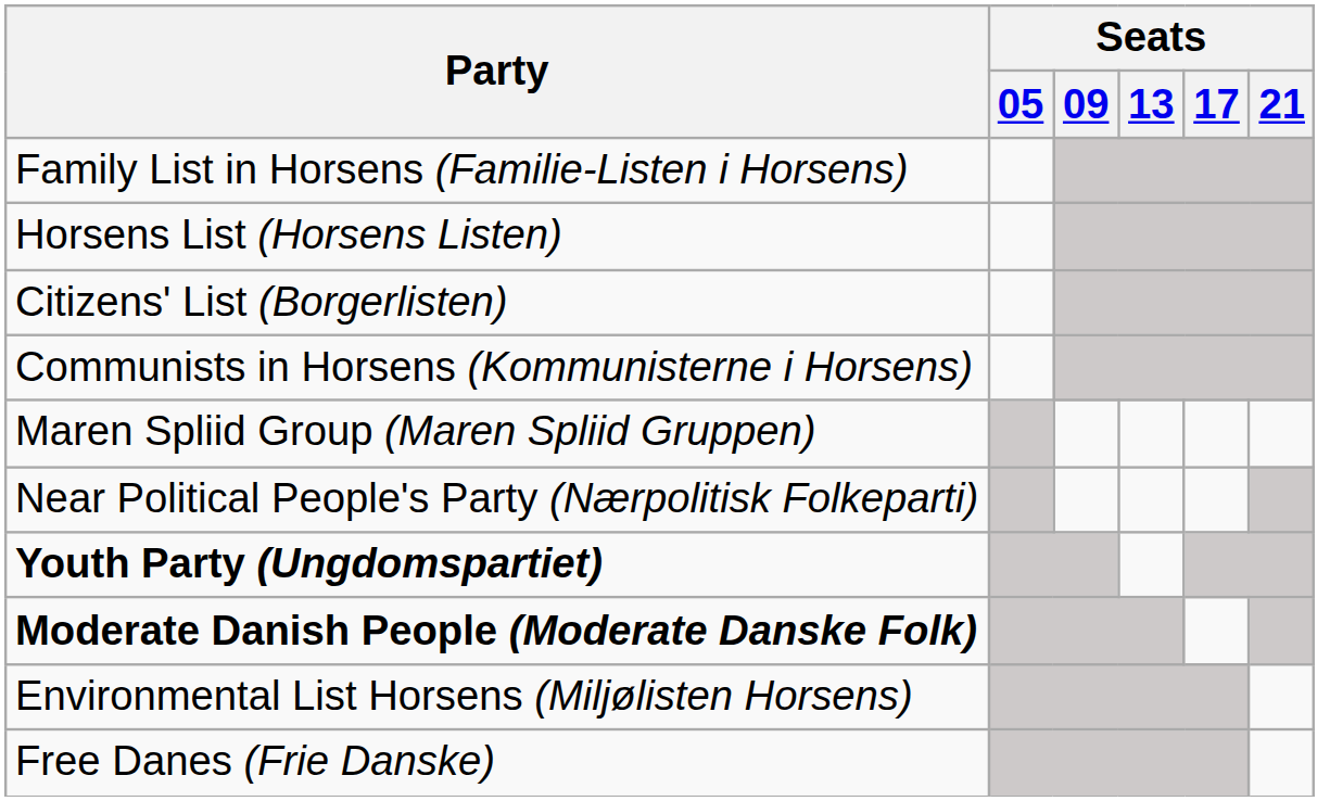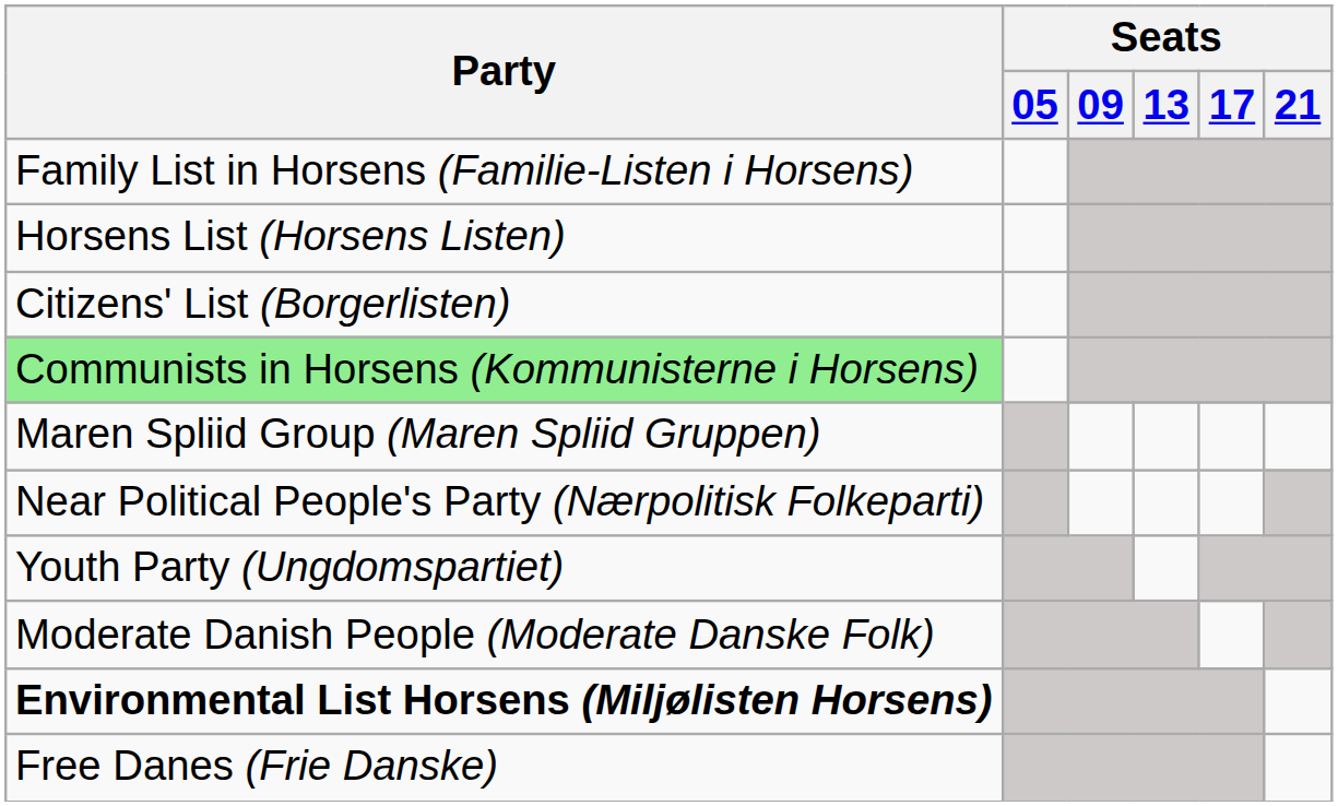 <table class="wikitable">
 <tr>
 <th rowspan=2>Party</th>
 <th colspan=11>Seats</th>
 </tr>
 <tr>
 <th><a href='#'>05</a></th>
 <th><a href='#'>09</a></th>
 <th><a href='#'>13</a></th>
 <th><a href='#'>17</a></th>
 <th><a href='#'>21</a></th>
 </tr>
 <tr>
 <td>Family List in Horsens <em>(Familie-Listen i Horsens)</em></td>
 <td></td>
 <td style="background:#CDC9C9;" colspan=4></td>
 </tr>
 <tr>
 <td>Horsens List <em>(Horsens Listen)</em></td>
 <td></td>
 <td style="background:#CDC9C9;" colspan=4></td>
 </tr>
 <tr>
 <td>Citizens' List <em>(Borgerlisten)</em></td>
 <td></td>
 <td style="background:#CDC9C9;" colspan=4></td>
 </tr>
 <tr>
-<td>Communists in Horsens <em>(Kommunisterne i Horsens)</em></td>
+<td style="background: lightgreen;">Communists in Horsens <em>(Kommunisterne i Horsens)</em></td>
 <td></td>
 <td style="background:#CDC9C9;" colspan=4></td>
 </tr>
 <tr>
 <td>Maren Spliid Group <em>(Maren Spliid Gruppen)</em></td>
 <td style="background:#CDC9C9;"></td>
 <td></td>
 <td></td>
 <td></td>
 <td></td>
 </tr>
 <tr>
 <td>Near Political People's Party <em>(Nærpolitisk Folkeparti)</em></td>
 <td style="background:#CDC9C9;"></td>
 <td></td>
 <td></td>
 <td></td>
 <td style="background:#CDC9C9;"></td>
 </tr>
 <tr>
-<td><strong>Youth Party <em>(Ungdomspartiet)</em></strong></td>
+<td>Youth Party <em>(Ungdomspartiet)</em></td>
 <td style="background:#CDC9C9;" colspan=2></td>
 <td></td>
 <td style="background:#CDC9C9;" colspan=2></td>
 </tr>
 <tr>
-<td><strong>Moderate Danish People <em>(Moderate Danske Folk)</em></strong></td>
+<td>Moderate Danish People <em>(Moderate Danske Folk)</em></td>
 <td style="background:#CDC9C9;" colspan=3></td>
 <td></td>
 <td style="background:#CDC9C9;"></td>
 </tr>
 <tr>
-<td>Environmental List Horsens <em>(Miljølisten Horsens)</em></td>
+<td><strong>Environmental List Horsens <em>(Miljølisten Horsens)</em></strong></td>
 <td style="background:#CDC9C9;" colspan=4></td>
 <td></td>
 </tr>
 <tr>
 <td>Free Danes <em>(Frie Danske)</em></td>
 <td style="background:#CDC9C9;" colspan=4></td>
 <td></td>
 </tr>
 </table>
